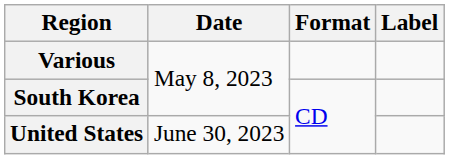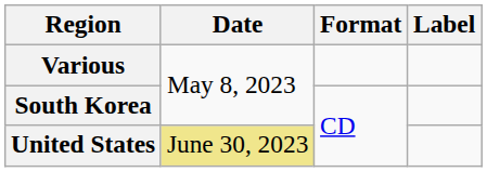 <table class="wikitable plainrowheaders">
 <tr>
 <th scope="col">Region</th>
 <th scope="col">Date</th>
 <th scope="col">Format</th>
 <th scope="col">Label</th>
 </tr>
 <tr>
 <th scope="row">Various </th>
 <td rowspan="2">May 8, 2023</td>
 <td></td>
 <td></td>
 </tr>
 <tr>
 <th scope="row">South Korea</th>
 <td rowspan="2"><a href='#'>CD</a></td>
 <td></td>
 </tr>
 <tr>
 <th scope="row">United States</th>
-<td>June 30, 2023</td>
+<td style="background: khaki;">June 30, 2023</td>
 <td></td>
 </tr>
 </table>
